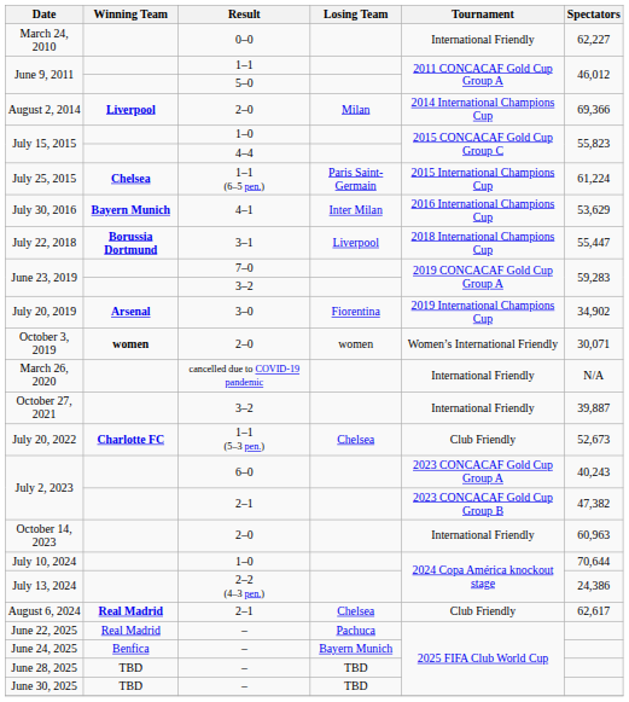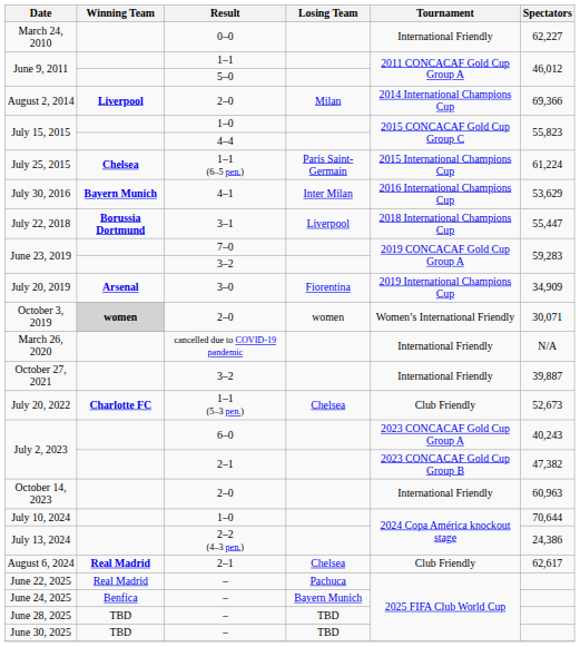 <table class="wikitable"  style="text-align:left; width:95%; text-align:center;">
 <tr>
 <th style="text-align:center; ">Date</th>
 <th style="text-align:center; ">Winning Team</th>
 <th style="text-align:center; ">Result</th>
 <th style="text-align:center; ">Losing Team</th>
 <th style="text-align:center; ">Tournament</th>
 <th style="text-align:center; ">Spectators</th>
 </tr>
 <tr>
 <td style="text-align:center;">March 24, 2010</td>
 <td></td>
 <td style="text-align:center;">0–0</td>
 <td></td>
 <td style="text-align:center;">International Friendly</td>
 <td style="text-align:center;">62,227</td>
 </tr>
 <tr>
 <td style="text-align:center;" rowspan=2>June 9, 2011</td>
 <td></td>
 <td style="text-align:center;">1–1</td>
 <td></td>
 <td style="text-align:center;" rowspan=2><a href='#'>2011 CONCACAF Gold Cup Group A</a></td>
 <td style="text-align:center;" rowspan=2>46,012</td>
 </tr>
 <tr>
 <td><strong></strong></td>
 <td style="text-align:center;">5–0</td>
 <td></td>
 </tr>
 <tr>
 <td style="text-align:center;">August 2, 2014</td>
 <td><strong> <a href='#'>Liverpool</a></strong></td>
 <td style="text-align:center;">2–0</td>
 <td> <a href='#'>Milan</a></td>
 <td style="text-align:center;"><a href='#'>2014 International Champions Cup</a></td>
 <td style="text-align:center;">69,366</td>
 </tr>
 <tr>
 <td style="text-align:center;" rowspan=2>July 15, 2015</td>
 <td><strong></strong></td>
 <td style="text-align:center;">1–0</td>
 <td></td>
 <td style="text-align:center;" rowspan=2><a href='#'>2015 CONCACAF Gold Cup Group C</a></td>
 <td style="text-align:center;" rowspan=2>55,823</td>
 </tr>
 <tr>
 <td></td>
 <td style="text-align:center;">4–4</td>
 <td></td>
 </tr>
 <tr>
 <td style="text-align:center;">July 25, 2015</td>
 <td><strong> <a href='#'>Chelsea</a></strong></td>
 <td style="text-align:center;">1–1<br> <small>(6–5 <a href='#'>pen.</a>)</small></td>
 <td> <a href='#'>Paris Saint-Germain</a></td>
 <td style="text-align:center;"><a href='#'>2015 International Champions Cup</a></td>
 <td style="text-align:center;">61,224</td>
 </tr>
 <tr>
 <td style="text-align:center;">July 30, 2016</td>
 <td><strong> <a href='#'>Bayern Munich</a></strong></td>
 <td style="text-align:center;">4–1</td>
 <td> <a href='#'>Inter Milan</a></td>
 <td style="text-align:center;"><a href='#'>2016 International Champions Cup</a></td>
 <td style="text-align:center;">53,629</td>
 </tr>
 <tr>
 <td style="text-align:center;">July 22, 2018</td>
 <td><strong> <a href='#'>Borussia Dortmund</a></strong></td>
 <td style="text-align:center;">3–1</td>
 <td> <a href='#'>Liverpool</a></td>
 <td style="text-align:center;"><a href='#'>2018 International Champions Cup</a></td>
 <td style="text-align:center;">55,447</td>
 </tr>
 <tr>
 <td style="text-align:center;" rowspan=2>June 23, 2019</td>
 <td><strong></strong></td>
 <td style="text-align:center;">7–0</td>
 <td></td>
 <td style="text-align:center;" rowspan=2><a href='#'>2019 CONCACAF Gold Cup Group A</a></td>
 <td style="text-align:center;" rowspan=2>59,283</td>
 </tr>
 <tr>
 <td><strong></strong></td>
 <td style="text-align:center;">3–2</td>
 <td></td>
 </tr>
 <tr>
 <td style="text-align:center;">July 20, 2019</td>
 <td><strong> <a href='#'>Arsenal</a></strong></td>
 <td style="text-align:center;">3–0</td>
 <td> <a href='#'>Fiorentina</a></td>
 <td style="text-align:center;"><a href='#'>2019 International Champions Cup</a></td>
-<td style="text-align:center;">34,902</td>
+<td style="text-align:center;">34,909</td>
 </tr>
 <tr>
 <td style="text-align:center;">October 3, 2019</td>
-<td><strong> women</strong></td>
+<td style="background: lightgrey;"><strong> women</strong></td>
 <td style="text-align:center;">2–0</td>
 <td> women</td>
 <td style="text-align:center;">Women’s International Friendly</td>
 <td style="text-align:center;">30,071</td>
 </tr>
 <tr>
 <td style="text-align:center;">March 26, 2020</td>
 <td></td>
 <td style="text-align:center;"><small>cancelled due to <a href='#'>COVID-19 pandemic</a></small></td>
 <td></td>
 <td style="text-align:center;">International Friendly</td>
 <td style="text-align:center;">N/A</td>
 </tr>
 <tr>
 <td style="text-align:center;">October 27, 2021</td>
 <td><strong></strong></td>
 <td style="text-align:center;">3–2</td>
 <td></td>
 <td style="text-align:center;">International Friendly</td>
 <td style="text-align:center;">39,887</td>
 </tr>
 <tr>
 <td style="text-align:center;">July 20, 2022</td>
 <td> <strong><a href='#'>Charlotte FC</a></strong></td>
 <td style="text-align:center;">1–1<br> <small>(5–3 <a href='#'>pen.</a>)</small></td>
 <td> <a href='#'>Chelsea</a></td>
 <td style="text-align:center;">Club Friendly</td>
 <td style="text-align:center;">52,673</td>
 </tr>
 <tr>
 <td style="text-align:center;" rowspan=2>July 2, 2023</td>
 <td><strong></strong></td>
 <td style="text-align:center;">6–0</td>
 <td></td>
 <td style="text-align:center;"><a href='#'>2023 CONCACAF Gold Cup Group A</a></td>
 <td style="text-align:center;">40,243</td>
 </tr>
 <tr>
 <td><strong></strong></td>
 <td style="text-align:center;">2–1</td>
 <td></td>
 <td style="text-align:center;"><a href='#'>2023 CONCACAF Gold Cup Group B</a></td>
 <td style="text-align:center;">47,382</td>
 </tr>
 <tr>
 <td style="text-align:center;">October 14, 2023</td>
 <td><strong></strong></td>
 <td style="text-align:center;">2–0</td>
 <td></td>
 <td style="text-align:center;">International Friendly</td>
 <td style="text-align:center;">60,963</td>
 </tr>
 <tr>
 <td style="text-align:center;">July 10, 2024</td>
 <td><strong></strong></td>
 <td style="text-align:center;">1–0</td>
 <td></td>
 <td rowspan=2><a href='#'>2024 Copa América knockout stage</a></td>
 <td style="text-align:center;">70,644</td>
 </tr>
 <tr>
 <td style="text-align:center;">July 13, 2024</td>
 <td><strong></strong></td>
 <td style="text-align:center;">2–2<br> <small>(4–3 <a href='#'>pen.</a>)</small></td>
 <td></td>
 <td style="text-align:center;">24,386</td>
 </tr>
 <tr>
 <td style="text-align:center;">August 6, 2024</td>
 <td><strong> <a href='#'>Real Madrid</a></strong></td>
 <td style="text-align:center;">2–1</td>
 <td> <a href='#'>Chelsea</a></td>
 <td style="text-align:center;">Club Friendly</td>
 <td style="text-align:center;">62,617</td>
 </tr>
 <tr>
 <td style="text-align:center;">June 22, 2025</td>
 <td> <a href='#'>Real Madrid</a></td>
 <td style="text-align:center;">–</td>
 <td> <a href='#'>Pachuca</a></td>
 <td rowspan=4><a href='#'>2025 FIFA Club World Cup</a></td>
 <td style="text-align:center;"></td>
 </tr>
 <tr>
 <td style="text-align:center;">June 24, 2025</td>
 <td> <a href='#'>Benfica</a></td>
 <td style="text-align:center;">–</td>
 <td> <a href='#'>Bayern Munich</a></td>
 <td style="text-align:center;"></td>
 </tr>
 <tr>
 <td style="text-align:center;">June 28, 2025</td>
 <td>TBD</td>
 <td style="text-align:center;">–</td>
 <td>TBD</td>
 <td style="text-align:center;"></td>
 </tr>
 <tr>
 <td style="text-align:center;">June 30, 2025</td>
 <td>TBD</td>
 <td style="text-align:center;">–</td>
 <td>TBD</td>
 <td style="text-align:center;"></td>
 </tr>
 <tr>
 </tr>
 </table>
